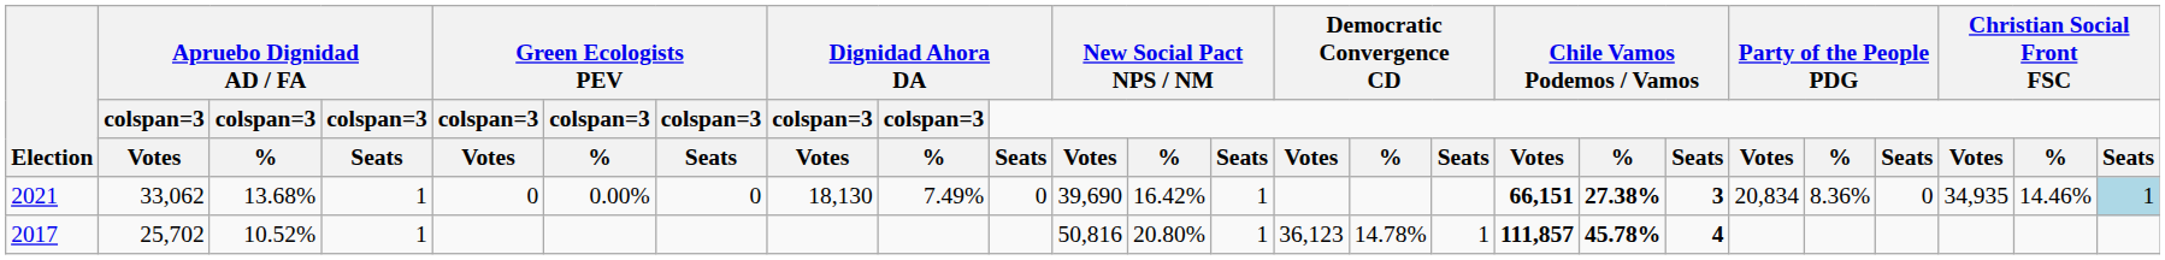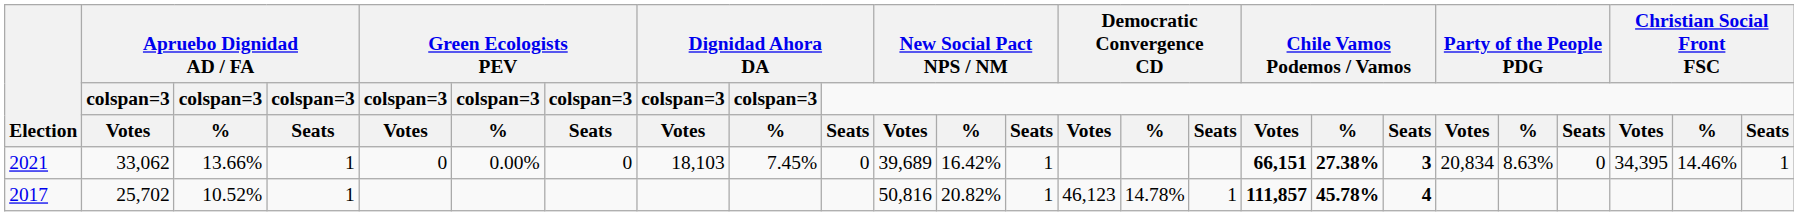 <table class="wikitable" border="1" style="font-size:95%; text-align:right;">
 <tr>
 <th style="text-align:left;" valign=bottom rowspan=3>Election</th>
 <th valign=bottom colspan=3><a href='#'>Apruebo Dignidad</a><br>AD / FA</th>
 <th valign=bottom colspan=3><a href='#'>Green Ecologists</a><br>PEV</th>
 <th valign=bottom colspan=3><a href='#'>Dignidad Ahora</a><br>DA</th>
 <th valign=bottom colspan=3><a href='#'>New Social Pact</a><br>NPS / NM</th>
 <th valign=bottom colspan=3>Democratic<br>Convergence<br>CD</th>
 <th valign=bottom colspan=3><a href='#'>Chile Vamos</a><br>Podemos / Vamos</th>
 <th valign=bottom colspan=3><a href='#'>Party of the People</a><br>PDG</th>
 <th valign=bottom colspan=3><a href='#'>Christian Social Front</a><br>FSC</th>
 </tr>
 <tr>
 <th>colspan=3 </th>
 <th>colspan=3 </th>
 <th>colspan=3 </th>
 <th>colspan=3 </th>
 <th>colspan=3 </th>
 <th>colspan=3 </th>
 <th>colspan=3 </th>
 <th>colspan=3 </th>
 </tr>
 <tr>
 <th>Votes</th>
 <th>%</th>
 <th>Seats</th>
 <th>Votes</th>
 <th>%</th>
 <th>Seats</th>
 <th>Votes</th>
 <th>%</th>
 <th>Seats</th>
 <th>Votes</th>
 <th>%</th>
 <th>Seats</th>
 <th>Votes</th>
 <th>%</th>
 <th>Seats</th>
 <th>Votes</th>
 <th>%</th>
 <th>Seats</th>
 <th>Votes</th>
 <th>%</th>
 <th>Seats</th>
 <th>Votes</th>
 <th>%</th>
 <th>Seats</th>
 </tr>
 <tr>
 <td align=left><a href='#'>2021</a></td>
 <td>33,062</td>
-<td>13.68%</td>
+<td>13.66%</td>
 <td>1</td>
 <td>0</td>
 <td>0.00%</td>
 <td>0</td>
-<td>18,130</td>
-<td>7.49%</td>
+<td>18,103</td>
+<td>7.45%</td>
 <td>0</td>
-<td>39,690</td>
+<td>39,689</td>
 <td>16.42%</td>
 <td>1</td>
 <td></td>
 <td></td>
 <td></td>
 <td><strong>66,151</strong></td>
 <td><strong>27.38%</strong></td>
 <td><strong>3</strong></td>
 <td>20,834</td>
-<td>8.36%</td>
+<td>8.63%</td>
 <td>0</td>
-<td>34,935</td>
+<td>34,395</td>
 <td>14.46%</td>
-<td style="background: lightblue;">1</td>
+<td>1</td>
 </tr>
 <tr>
 <td align=left><a href='#'>2017</a></td>
 <td>25,702</td>
 <td>10.52%</td>
 <td>1</td>
 <td></td>
 <td></td>
 <td></td>
 <td></td>
 <td></td>
 <td></td>
 <td>50,816</td>
-<td>20.80%</td>
+<td>20.82%</td>
 <td>1</td>
-<td>36,123</td>
+<td>46,123</td>
 <td>14.78%</td>
 <td>1</td>
 <td><strong>111,857</strong></td>
 <td><strong>45.78%</strong></td>
 <td><strong>4</strong></td>
 <td></td>
 <td></td>
 <td></td>
 <td></td>
 <td></td>
 <td></td>
 </tr>
 </table>
